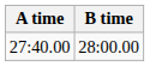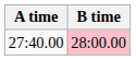 <table class="wikitable" border="1" align="upright">
 <tr>
 <th>A time</th>
 <th>B time</th>
 </tr>
 <tr>
 <td>27:40.00</td>
-<td>28:00.00</td>
+<td style="background: pink;">28:00.00</td>
 </tr>
 </table>
